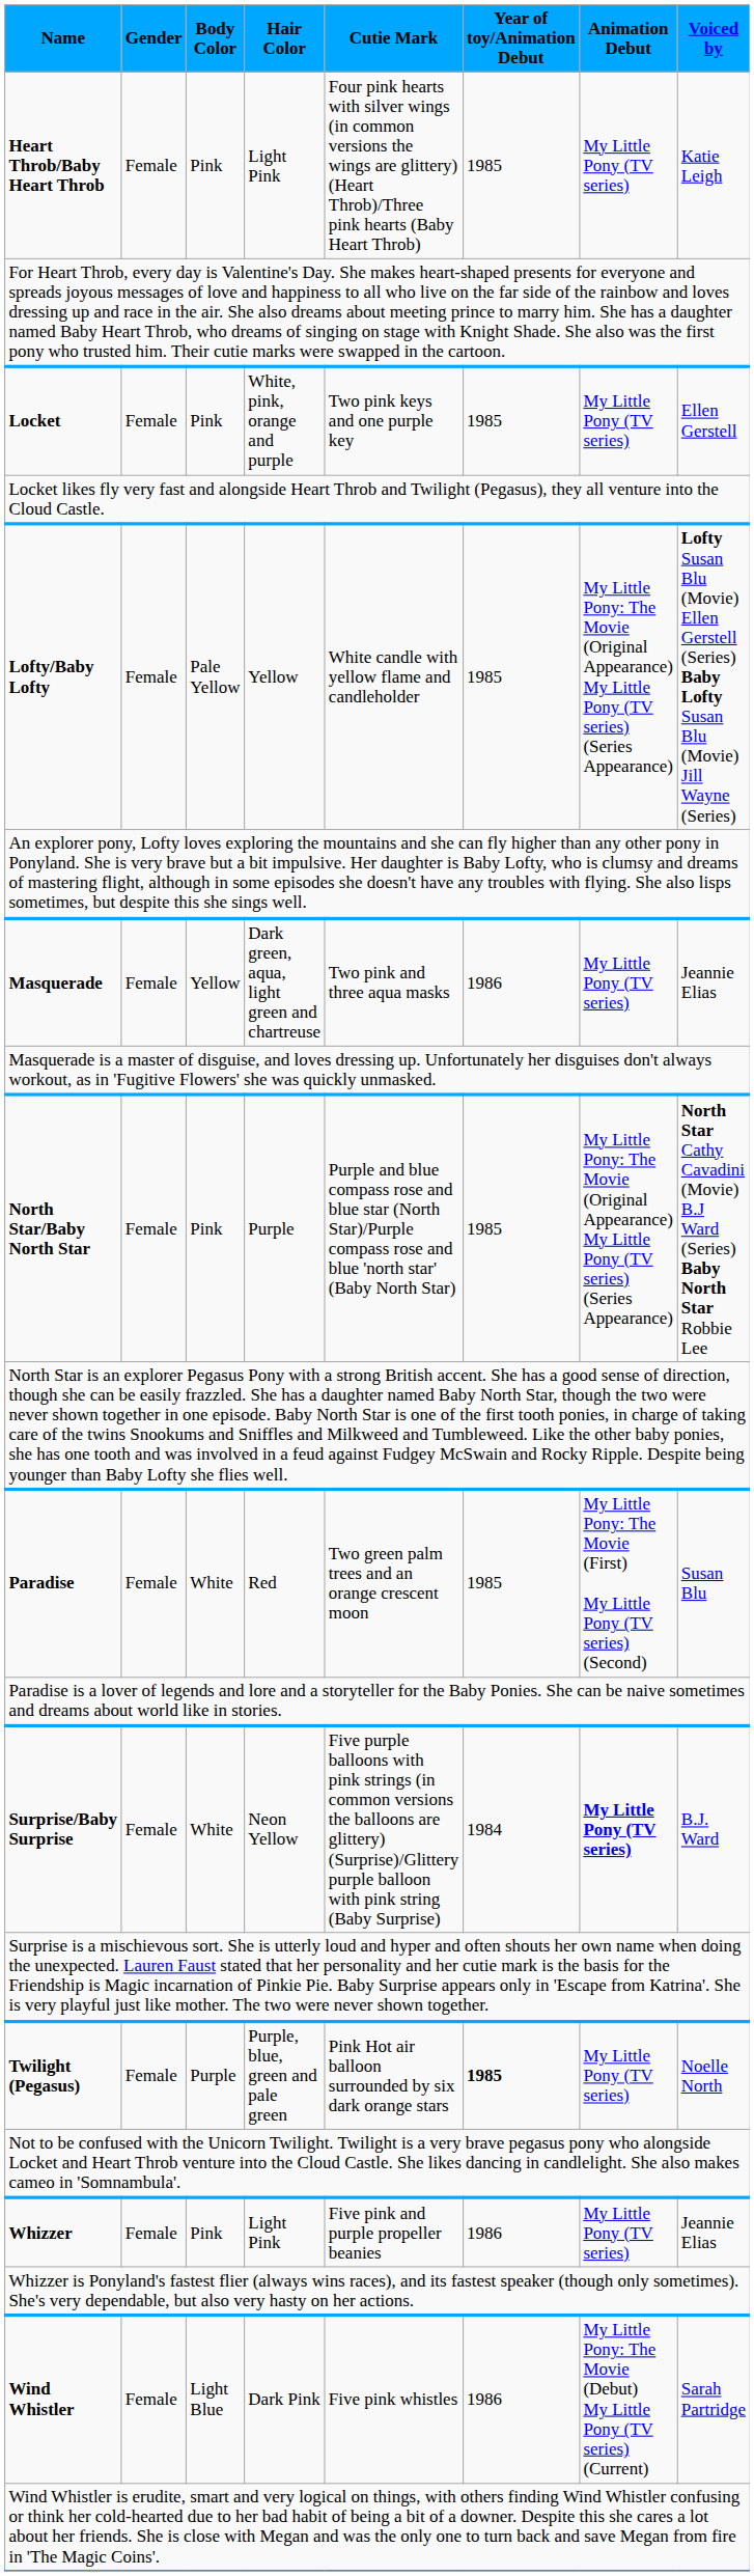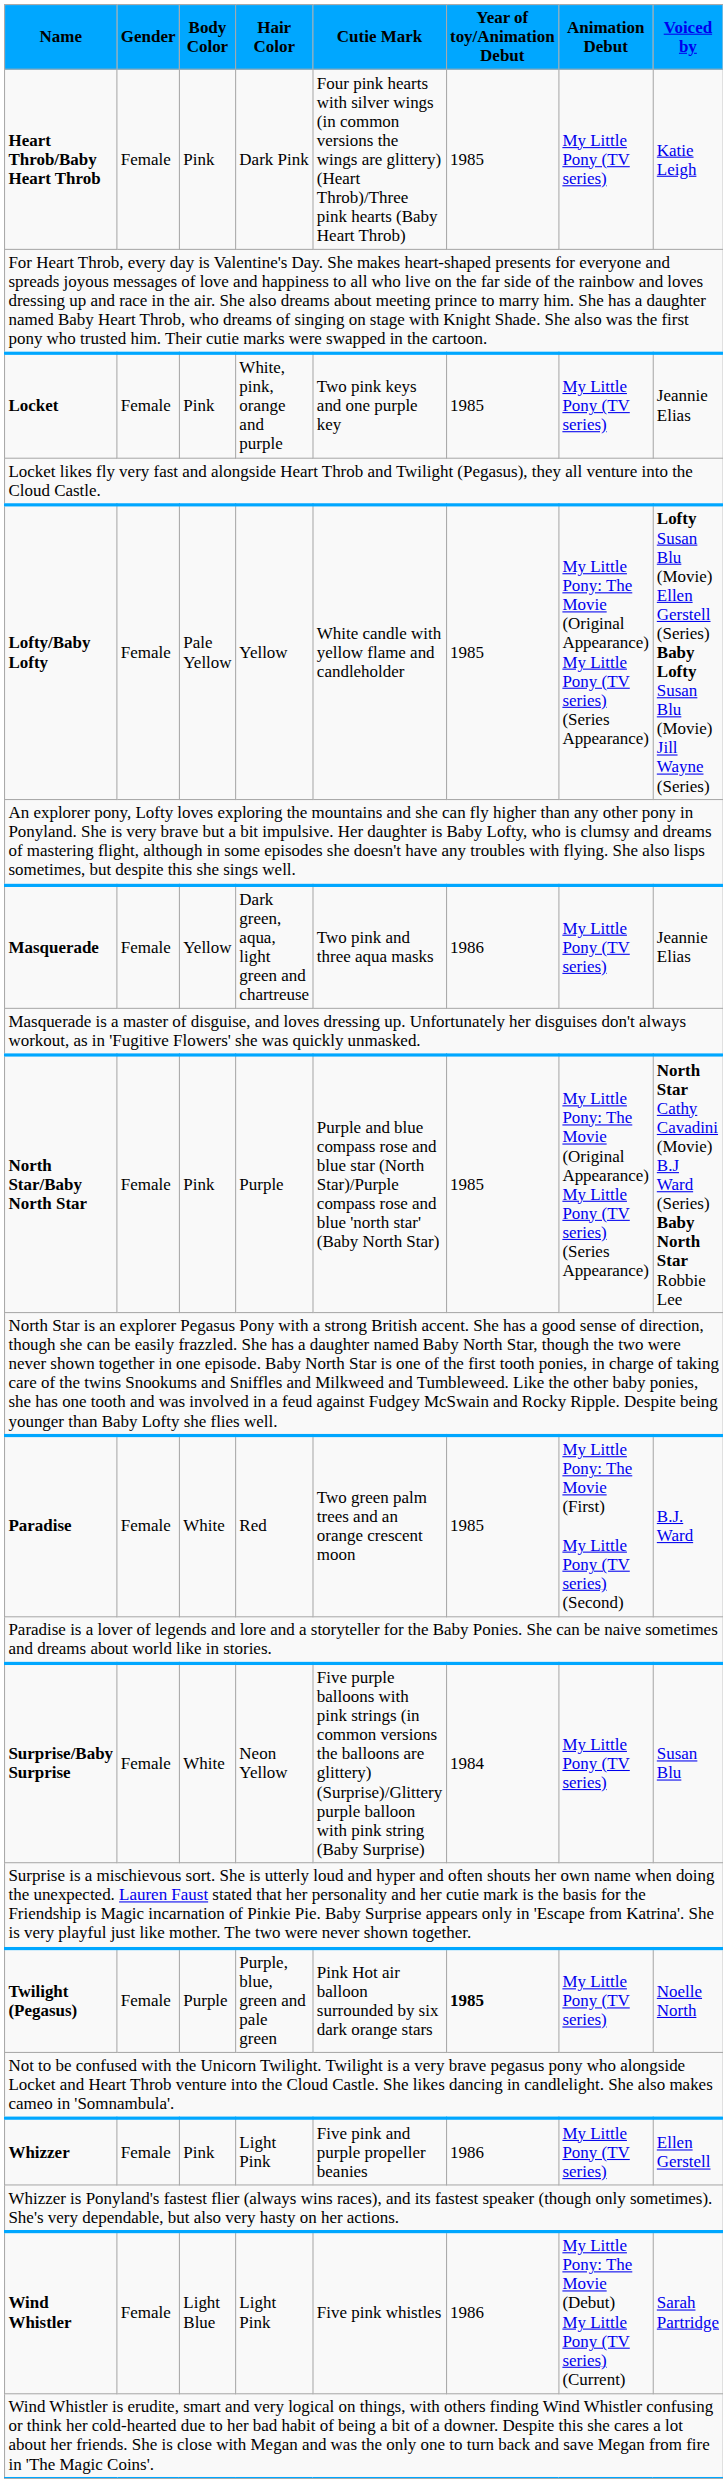 <table class="wikitable" style=cellpadding="10" cellspacing="0" border="1" "background: #00A7FF;">
 <tr>
 <th style="background:#00A7FF;">Name</th>
 <th style="background:#00A7FF;">Gender</th>
 <th style="background:#00A7FF;">Body Color</th>
 <th style="background:#00A7FF;">Hair Color</th>
 <th style="background:#00A7FF;">Cutie Mark</th>
 <th style="background:#00A7FF;">Year of toy/Animation Debut</th>
 <th style="background:#00A7FF;">Animation Debut</th>
 <th style="background:#00A7FF;"><a href='#'>Voiced by</a></th>
 </tr>
 <tr>
 <td><strong>Heart Throb/Baby Heart Throb</strong></td>
 <td>Female</td>
 <td>Pink</td>
-<td>Light Pink</td>
+<td>Dark Pink</td>
 <td>Four pink hearts with silver wings (in common versions the wings are glittery) (Heart Throb)/Three pink hearts (Baby Heart Throb)</td>
 <td>1985</td>
 <td><a href='#'>My Little Pony (TV series)</a></td>
 <td><a href='#'>Katie Leigh</a></td>
 </tr>
 <tr>
 <td style="border-bottom: 3px solid #00A7FF;" colspan="14">For Heart Throb, every day is Valentine's Day. She makes heart-shaped presents for everyone and spreads joyous messages of love and happiness to all who live on the far side of the rainbow and loves dressing up and race in the air. She also dreams about meeting prince to marry him. She has a daughter named Baby Heart Throb, who dreams of singing on stage with Knight Shade. She also was the first pony who trusted him. Their cutie marks were swapped in the cartoon.</td>
 </tr>
 <tr>
 <td><strong>Locket</strong></td>
 <td>Female</td>
 <td>Pink</td>
 <td>White, pink, orange and purple</td>
 <td>Two pink keys and one purple key</td>
 <td>1985</td>
 <td><a href='#'>My Little Pony (TV series)</a></td>
-<td><a href='#'>Ellen Gerstell</a></td>
+<td>Jeannie Elias</td>
 </tr>
 <tr>
 <td style="border-bottom: 3px solid #00A7FF;" colspan="14">Locket likes fly very fast and alongside Heart Throb and Twilight (Pegasus), they all venture into the Cloud Castle.</td>
 </tr>
 <tr>
 <td><strong>Lofty/Baby Lofty</strong></td>
 <td>Female</td>
 <td>Pale Yellow</td>
 <td>Yellow</td>
 <td>White candle with yellow flame and candleholder</td>
 <td>1985</td>
 <td><a href='#'>My Little Pony: The Movie</a> (Original Appearance)<br><a href='#'>My Little Pony (TV series)</a> (Series Appearance)</td>
 <td><strong>Lofty</strong><br><a href='#'>Susan Blu</a> (Movie)<br><a href='#'>Ellen Gerstell</a> (Series)<br><strong>Baby Lofty</strong><br><a href='#'>Susan Blu</a> (Movie)<br><a href='#'>Jill Wayne</a> (Series)</td>
 </tr>
 <tr>
 <td style="border-bottom: 3px solid #00A7FF;" colspan="14">An explorer pony, Lofty loves exploring the mountains and she can fly higher than any other pony in Ponyland. She is very brave but a bit impulsive. Her daughter is Baby Lofty, who is clumsy and dreams of mastering flight, although in some episodes she doesn't have any troubles with flying. She also lisps sometimes, but despite this she sings well.</td>
 </tr>
 <tr>
 <td><strong>Masquerade</strong></td>
 <td>Female</td>
 <td>Yellow</td>
 <td>Dark green, aqua, light green and chartreuse</td>
 <td>Two pink and three aqua masks</td>
 <td>1986</td>
 <td><a href='#'>My Little Pony (TV series)</a></td>
 <td>Jeannie Elias</td>
 </tr>
 <tr>
 <td style="border-bottom: 3px solid #00A7FF;" colspan="14">Masquerade is a master of disguise, and loves dressing up. Unfortunately her disguises don't always workout, as in 'Fugitive Flowers' she was quickly unmasked.</td>
 </tr>
 <tr>
 <td><strong>North Star/Baby North Star</strong></td>
 <td>Female</td>
 <td>Pink</td>
 <td>Purple</td>
 <td>Purple and blue compass rose and blue star (North Star)/Purple compass rose and blue 'north star' (Baby North Star)</td>
 <td>1985</td>
 <td><a href='#'>My Little Pony: The Movie</a> (Original Appearance)<br><a href='#'>My Little Pony (TV series)</a> (Series Appearance)</td>
 <td><strong>North Star</strong><br><a href='#'>Cathy Cavadini</a> (Movie)<br><a href='#'>B.J Ward</a> (Series)<br><strong>Baby North Star</strong><br>Robbie Lee</td>
 </tr>
 <tr>
 <td style="border-bottom: 3px solid #00A7FF;" colspan="14">North Star is an explorer Pegasus Pony with a strong British accent. She has a good sense of direction, though she can be easily frazzled. She has a daughter named Baby North Star, though the two were never shown together in one episode.  Baby North Star is one of the first tooth ponies, in charge of taking care of the twins Snookums and Sniffles and Milkweed and Tumbleweed. Like the other baby ponies, she has one tooth and was involved in a feud against Fudgey McSwain and Rocky Ripple. Despite being younger than Baby Lofty she flies well.</td>
 </tr>
 <tr>
 <td><strong>Paradise</strong></td>
 <td>Female</td>
 <td>White</td>
 <td>Red</td>
 <td>Two green palm trees and an orange crescent moon</td>
 <td>1985</td>
 <td><a href='#'>My Little Pony: The Movie</a> (First) <br><br><a href='#'>My Little Pony (TV series)</a> (Second)</td>
-<td><a href='#'>Susan Blu</a></td>
+<td><a href='#'>B.J. Ward</a></td>
 </tr>
 <tr>
 <td style="border-bottom: 3px solid #00A7FF;" colspan="14">Paradise is a lover of legends and lore and a storyteller for the Baby Ponies. She can be naive sometimes and dreams about world like in stories.</td>
 </tr>
 <tr>
 <td><strong>Surprise/Baby Surprise</strong></td>
 <td>Female</td>
 <td>White</td>
 <td>Neon Yellow</td>
 <td>Five purple balloons with pink strings (in common versions the balloons are glittery) (Surprise)/Glittery purple balloon with pink string (Baby Surprise)</td>
 <td>1984</td>
-<td><strong><a href='#'>My Little Pony (TV series)</a></strong></td>
-<td><a href='#'>B.J. Ward</a></td>
+<td><a href='#'>My Little Pony (TV series)</a></td>
+<td><a href='#'>Susan Blu</a></td>
 </tr>
 <tr>
 <td style="border-bottom: 3px solid #00A7FF;" colspan="14">Surprise is a mischievous sort. She is utterly loud and hyper and often shouts her own name when doing the unexpected. <a href='#'>Lauren Faust</a> stated that her personality and her cutie mark is the basis for the Friendship is Magic incarnation of Pinkie Pie. Baby Surprise appears only in 'Escape from Katrina'. She is very playful just like mother. The two were never shown together.</td>
 </tr>
 <tr>
 <td><strong>Twilight (Pegasus)</strong></td>
 <td>Female</td>
 <td>Purple</td>
 <td>Purple, blue, green and pale green</td>
 <td>Pink Hot air balloon surrounded by six dark orange stars</td>
 <td><strong>1985</strong></td>
 <td><a href='#'>My Little Pony (TV series)</a></td>
 <td><a href='#'>Noelle North</a></td>
 </tr>
 <tr>
 <td style="border-bottom: 3px solid #00A7FF;" colspan="14">Not to be confused with the Unicorn Twilight. Twilight is a very brave pegasus pony who alongside Locket and Heart Throb venture into the Cloud Castle. She likes dancing in candlelight. She also makes cameo in 'Somnambula'.</td>
 </tr>
 <tr>
 <td><strong>Whizzer</strong></td>
 <td>Female</td>
 <td>Pink</td>
 <td>Light Pink</td>
 <td>Five pink and purple propeller beanies</td>
 <td>1986</td>
 <td><a href='#'>My Little Pony (TV series)</a></td>
-<td>Jeannie Elias</td>
+<td><a href='#'>Ellen Gerstell</a></td>
 </tr>
 <tr>
 <td style="border-bottom: 3px solid #00A7FF;" colspan="14">Whizzer is Ponyland's fastest flier (always wins races), and its fastest speaker (though only sometimes). She's very dependable, but also very hasty on her actions.</td>
 </tr>
 <tr>
 <td><strong>Wind Whistler</strong></td>
 <td>Female</td>
 <td>Light Blue</td>
-<td>Dark Pink</td>
+<td>Light Pink</td>
 <td>Five pink whistles</td>
 <td>1986</td>
 <td><a href='#'>My Little Pony: The Movie</a> (Debut)<br><a href='#'>My Little Pony (TV series)</a> (Current)</td>
 <td><a href='#'>Sarah Partridge</a></td>
 </tr>
 <tr>
 <td style="border-bottom: 3px solid #00A7FF;" colspan="14">Wind Whistler is erudite, smart and very logical on things, with others finding Wind Whistler confusing or think her cold-hearted due to her bad habit of being a bit of a downer. Despite this she cares a lot about her friends. She is close with Megan and was the only one to turn back and save Megan from fire in 'The Magic Coins'.</td>
 </tr>
 <tr>
 </tr>
 </table>
